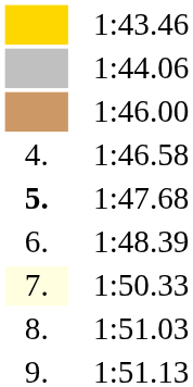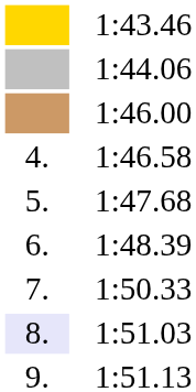 <table style="text-align:center">
 <tr>
 <td width=30 bgcolor=gold></td>
 <td align=left></td>
 <td width=60>1:43.46</td>
 </tr>
 <tr>
 <td bgcolor=silver></td>
 <td align=left></td>
 <td>1:44.06</td>
 </tr>
 <tr>
 <td bgcolor=cc9966></td>
 <td align=left></td>
 <td>1:46.00</td>
 </tr>
 <tr>
 <td>4.</td>
 <td align=left></td>
 <td>1:46.58</td>
 </tr>
 <tr>
-<td><strong>5.</strong></td>
+<td>5.</td>
 <td align=left></td>
 <td>1:47.68</td>
 </tr>
 <tr>
 <td>6.</td>
 <td align=left></td>
 <td>1:48.39</td>
 </tr>
 <tr>
-<td style="background: lightyellow;">7.</td>
+<td>7.</td>
 <td align=left></td>
 <td>1:50.33</td>
 </tr>
 <tr>
-<td>8.</td>
+<td style="background: lavender;">8.</td>
 <td align=left></td>
 <td>1:51.03</td>
 </tr>
 <tr>
 <td>9.</td>
 <td align=left></td>
 <td>1:51.13</td>
 </tr>
 </table>
